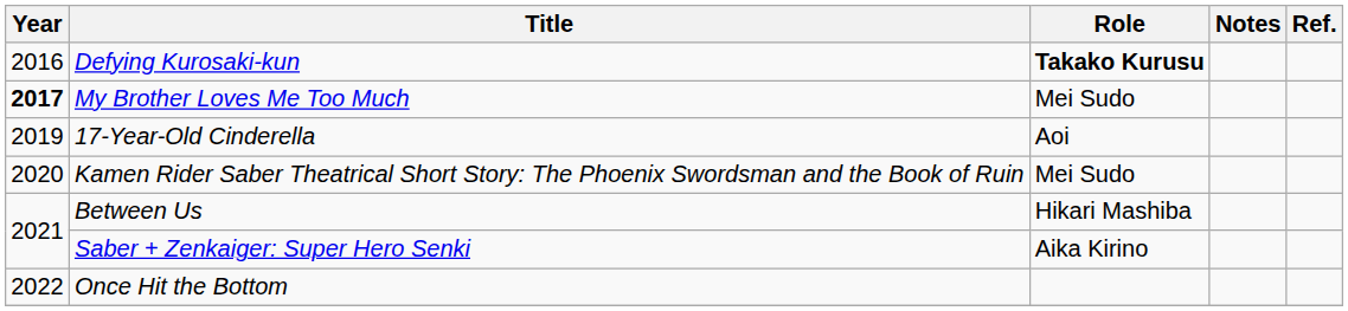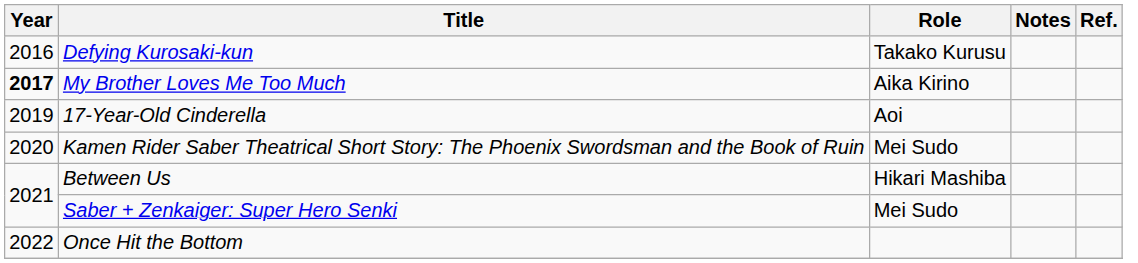 <table class="wikitable sortable">
 <tr>
 <th>Year</th>
 <th>Title</th>
 <th>Role</th>
 <th class="unsortable">Notes</th>
 <th class="unsortable">Ref.</th>
 </tr>
 <tr>
 <td>2016</td>
 <td><em><a href='#'>Defying Kurosaki-kun</a></em></td>
-<td><strong>Takako Kurusu</strong></td>
+<td>Takako Kurusu</td>
 <td></td>
 <td></td>
 </tr>
 <tr>
 <td><strong>2017</strong></td>
 <td><em><a href='#'>My Brother Loves Me Too Much</a></em></td>
-<td>Mei Sudo</td>
+<td>Aika Kirino</td>
 <td></td>
 <td></td>
 </tr>
 <tr>
 <td>2019</td>
 <td><em>17-Year-Old Cinderella</em></td>
 <td>Aoi</td>
 <td></td>
 <td></td>
 </tr>
 <tr>
 <td>2020</td>
 <td><em>Kamen Rider Saber Theatrical Short Story: The Phoenix Swordsman and the Book of Ruin</em></td>
 <td>Mei Sudo</td>
 <td></td>
 <td></td>
 </tr>
 <tr>
 <td rowspan=2>2021</td>
 <td><em>Between Us</em></td>
 <td>Hikari Mashiba</td>
 <td></td>
 <td></td>
 </tr>
 <tr>
 <td><em><a href='#'>Saber + Zenkaiger: Super Hero Senki</a></em></td>
-<td>Aika Kirino</td>
+<td>Mei Sudo</td>
 <td></td>
 <td></td>
 </tr>
 <tr>
 <td>2022</td>
 <td><em>Once Hit the Bottom</em></td>
 <td></td>
 <td></td>
 <td></td>
 </tr>
 <tr>
 </tr>
 </table>
